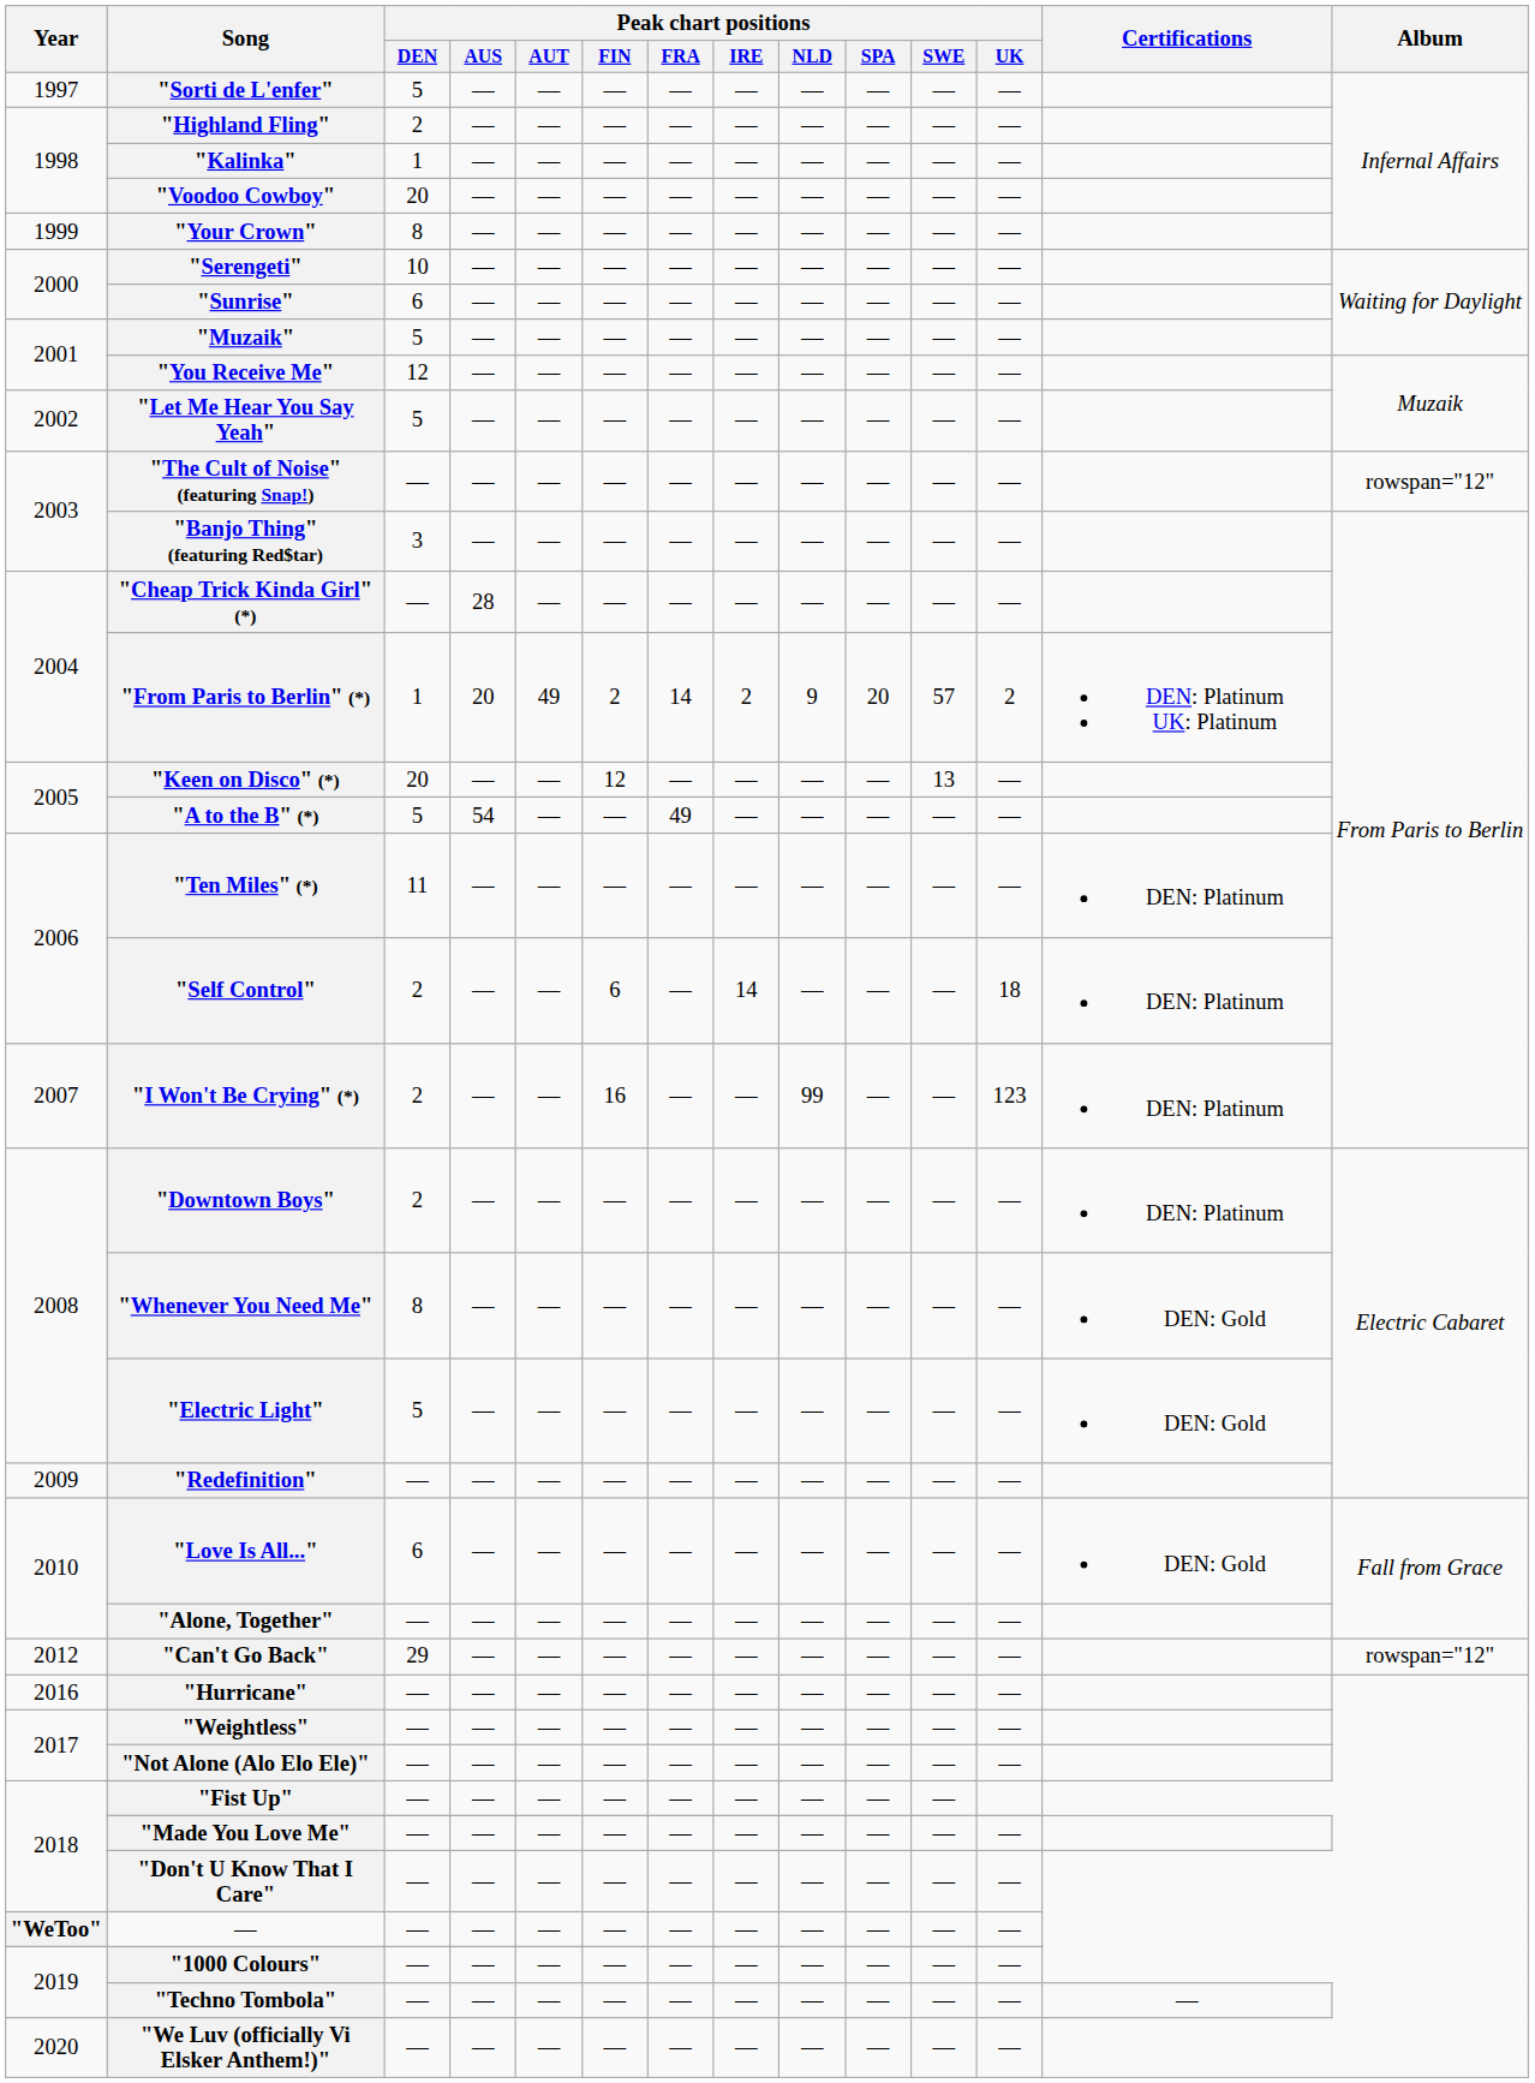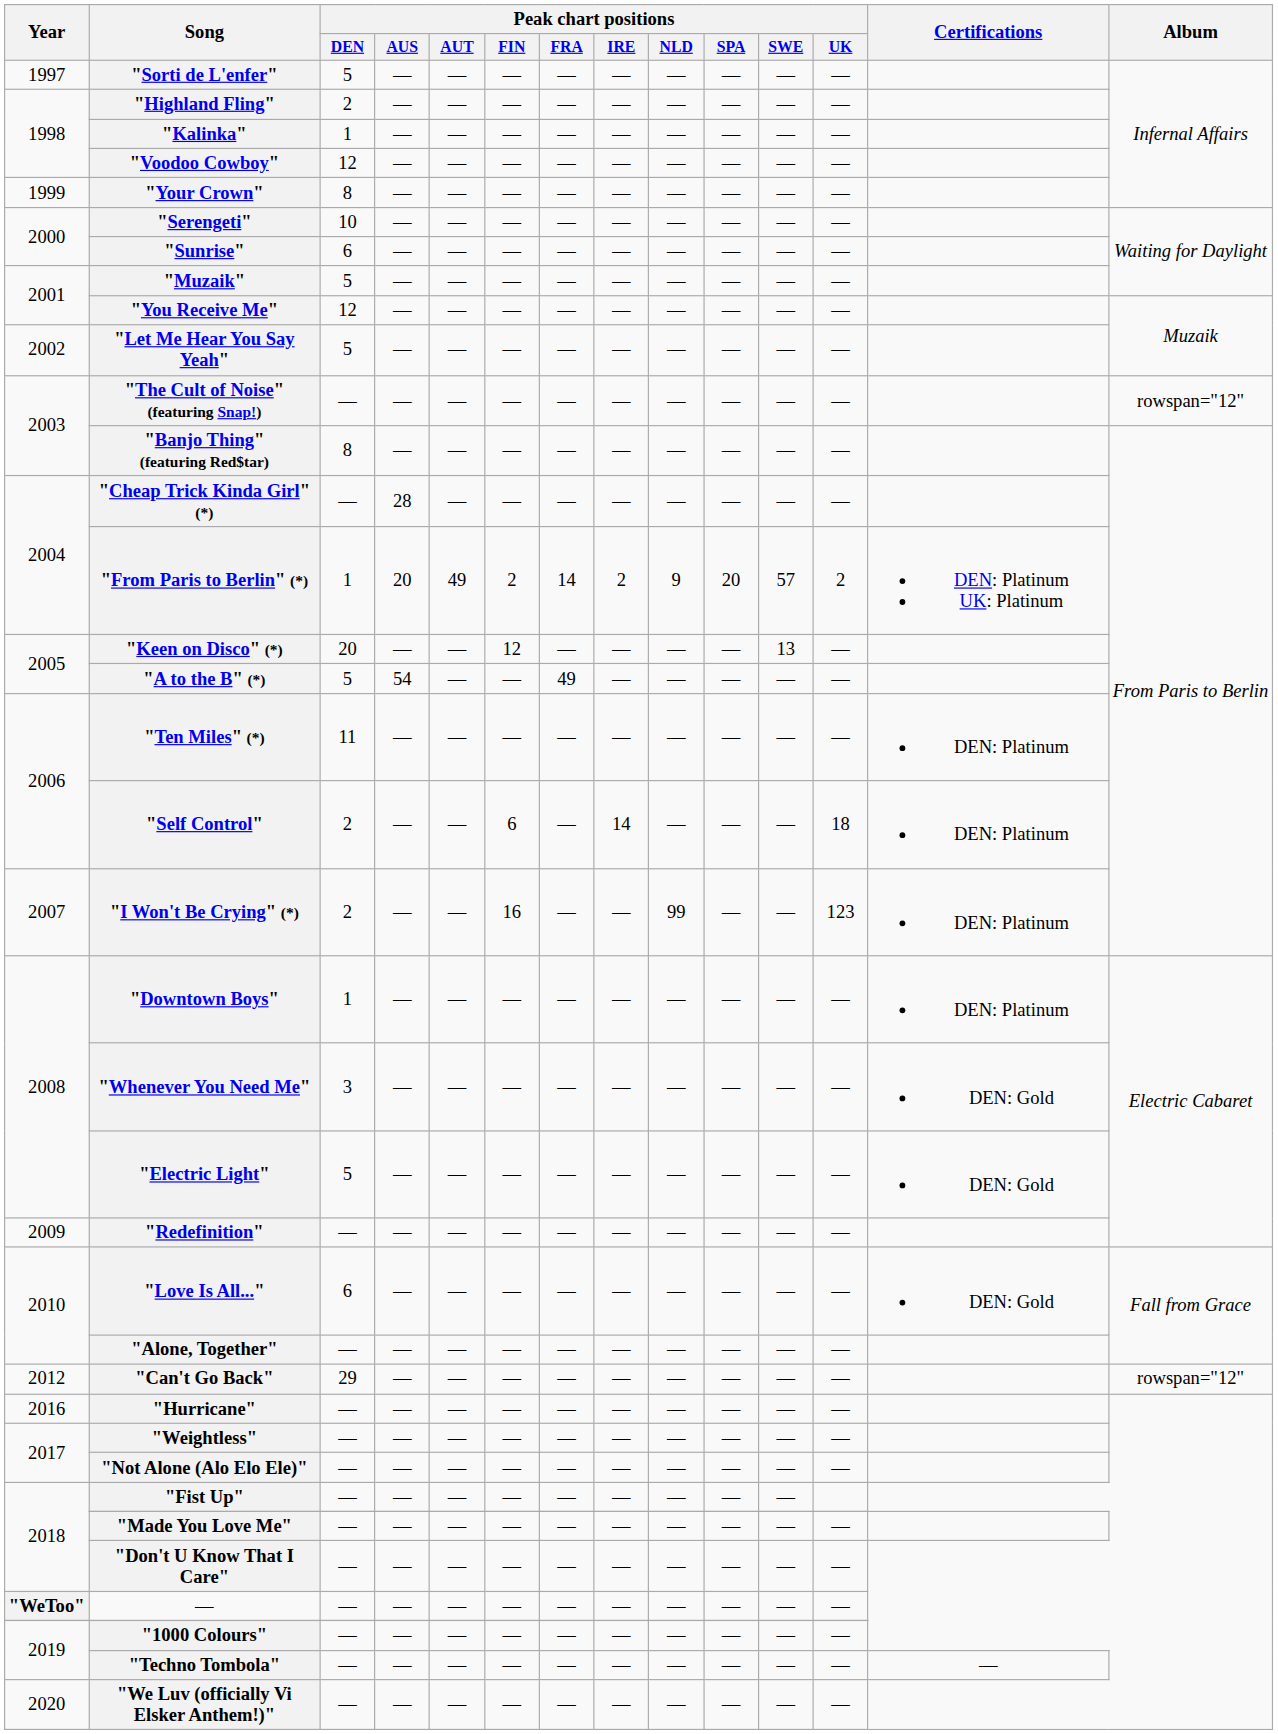 <table class="wikitable plainrowheaders" style="text-align:center;" border="1">
 <tr>
 <th scope="col" rowspan="2">Year</th>
 <th scope="col" rowspan="2" style="width:12em;">Song</th>
 <th scope="col" colspan="10">Peak chart positions</th>
 <th scope="col" rowspan="2" style="width:12.5em;"><a href='#'>Certifications</a></th>
 <th scope="col" rowspan="2">Album</th>
 </tr>
 <tr>
 <th scope="col" style="width:3em;font-size:85%;"><a href='#'>DEN</a><br></th>
 <th scope="col" style="width:3em;font-size:85%;"><a href='#'>AUS</a><br></th>
 <th scope="col" style="width:3em;font-size:85%;"><a href='#'>AUT</a><br></th>
 <th scope="col" style="width:3em;font-size:85%;"><a href='#'>FIN</a><br></th>
 <th scope="col" style="width:3em;font-size:85%;"><a href='#'>FRA</a><br></th>
 <th scope="col" style="width:3em;font-size:85%;"><a href='#'>IRE</a><br></th>
 <th scope="col" style="width:3em;font-size:85%;"><a href='#'>NLD</a><br></th>
 <th scope="col" style="width:3em;font-size:85%;"><a href='#'>SPA</a><br></th>
 <th scope="col" style="width:3em;font-size:85%;"><a href='#'>SWE</a><br></th>
 <th scope="col" style="width:3em;font-size:85%;"><a href='#'>UK</a><br></th>
 </tr>
 <tr>
 <td>1997</td>
 <th scope="row">"<a href='#'>Sorti de L'enfer</a>"</th>
 <td>5</td>
 <td>—</td>
 <td>—</td>
 <td>—</td>
 <td>—</td>
 <td>—</td>
 <td>—</td>
 <td>—</td>
 <td>—</td>
 <td>—</td>
 <td></td>
 <td rowspan="5"><em>Infernal Affairs</em></td>
 </tr>
 <tr>
 <td rowspan="3">1998</td>
 <th scope="row">"<a href='#'>Highland Fling</a>"</th>
 <td>2</td>
 <td>—</td>
 <td>—</td>
 <td>—</td>
 <td>—</td>
 <td>—</td>
 <td>—</td>
 <td>—</td>
 <td>—</td>
 <td>—</td>
 <td></td>
 </tr>
 <tr>
 <th scope="row">"<a href='#'>Kalinka</a>"</th>
 <td>1</td>
 <td>—</td>
 <td>—</td>
 <td>—</td>
 <td>—</td>
 <td>—</td>
 <td>—</td>
 <td>—</td>
 <td>—</td>
 <td>—</td>
 <td></td>
 </tr>
 <tr>
 <th scope="row">"<a href='#'>Voodoo Cowboy</a>"</th>
-<td>20</td>
+<td>12</td>
 <td>—</td>
 <td>—</td>
 <td>—</td>
 <td>—</td>
 <td>—</td>
 <td>—</td>
 <td>—</td>
 <td>—</td>
 <td>—</td>
 <td></td>
 </tr>
 <tr>
 <td>1999</td>
 <th scope="row">"<a href='#'>Your Crown</a>"</th>
 <td>8</td>
 <td>—</td>
 <td>—</td>
 <td>—</td>
 <td>—</td>
 <td>—</td>
 <td>—</td>
 <td>—</td>
 <td>—</td>
 <td>—</td>
 <td></td>
 </tr>
 <tr>
 <td rowspan="2">2000</td>
 <th scope="row">"<a href='#'>Serengeti</a>"</th>
 <td>10</td>
 <td>—</td>
 <td>—</td>
 <td>—</td>
 <td>—</td>
 <td>—</td>
 <td>—</td>
 <td>—</td>
 <td>—</td>
 <td>—</td>
 <td></td>
 <td rowspan="3"><em>Waiting for Daylight</em></td>
 </tr>
 <tr>
 <th scope="row">"<a href='#'>Sunrise</a>"</th>
 <td>6</td>
 <td>—</td>
 <td>—</td>
 <td>—</td>
 <td>—</td>
 <td>—</td>
 <td>—</td>
 <td>—</td>
 <td>—</td>
 <td>—</td>
 <td></td>
 </tr>
 <tr>
 <td rowspan="2">2001</td>
 <th scope="row">"<a href='#'>Muzaik</a>"</th>
 <td>5</td>
 <td>—</td>
 <td>—</td>
 <td>—</td>
 <td>—</td>
 <td>—</td>
 <td>—</td>
 <td>—</td>
 <td>—</td>
 <td>—</td>
 <td></td>
 </tr>
 <tr>
 <th scope="row">"<a href='#'>You Receive Me</a>"</th>
 <td>12</td>
 <td>—</td>
 <td>—</td>
 <td>—</td>
 <td>—</td>
 <td>—</td>
 <td>—</td>
 <td>—</td>
 <td>—</td>
 <td>—</td>
 <td></td>
 <td rowspan="2"><em>Muzaik</em></td>
 </tr>
 <tr>
 <td>2002</td>
 <th scope="row">"<a href='#'>Let Me Hear You Say Yeah</a>"</th>
 <td>5</td>
 <td>—</td>
 <td>—</td>
 <td>—</td>
 <td>—</td>
 <td>—</td>
 <td>—</td>
 <td>—</td>
 <td>—</td>
 <td>—</td>
 <td></td>
 </tr>
 <tr>
 <td rowspan="2">2003</td>
 <th scope="row">"<a href='#'>The Cult of Noise</a>" <small>(featuring <a href='#'>Snap!</a>)</small></th>
 <td>—</td>
 <td>—</td>
 <td>—</td>
 <td>—</td>
 <td>—</td>
 <td>—</td>
 <td>—</td>
 <td>—</td>
 <td>—</td>
 <td>—</td>
 <td></td>
 <td>rowspan="12" </td>
 </tr>
 <tr>
 <th scope="row">"<a href='#'>Banjo Thing</a>"<br><small>(featuring Red$tar)</small></th>
-<td>3</td>
+<td>8</td>
 <td>—</td>
 <td>—</td>
 <td>—</td>
 <td>—</td>
 <td>—</td>
 <td>—</td>
 <td>—</td>
 <td>—</td>
 <td>—</td>
 <td></td>
 <td rowspan="8"><em>From Paris to Berlin</em></td>
 </tr>
 <tr>
 <td rowspan="2">2004</td>
 <th scope="row">"<a href='#'>Cheap Trick Kinda Girl</a>" <small>(*)</small></th>
 <td>—</td>
 <td>28</td>
 <td>—</td>
 <td>—</td>
 <td>—</td>
 <td>—</td>
 <td>—</td>
 <td>—</td>
 <td>—</td>
 <td>—</td>
 <td></td>
 </tr>
 <tr>
 <th scope="row">"<a href='#'>From Paris to Berlin</a>" <small>(*)</small></th>
 <td>1</td>
 <td>20</td>
 <td>49</td>
 <td>2</td>
 <td>14</td>
 <td>2</td>
 <td>9</td>
 <td>20</td>
 <td>57</td>
 <td>2</td>
 <td><br><ul><li><a href='#'>DEN</a>: Platinum</li><li><a href='#'>UK</a>: Platinum</li></ul></td>
 </tr>
 <tr>
 <td rowspan="2">2005</td>
 <th scope="row">"<a href='#'>Keen on Disco</a>" <small>(*)</small></th>
 <td>20</td>
 <td>—</td>
 <td>—</td>
 <td>12</td>
 <td>—</td>
 <td>—</td>
 <td>—</td>
 <td>—</td>
 <td>13</td>
 <td>—</td>
 <td></td>
 </tr>
 <tr>
 <th scope="row">"<a href='#'>A to the B</a>" <small>(*)</small></th>
 <td>5</td>
 <td>54</td>
 <td>—</td>
 <td>—</td>
 <td>49</td>
 <td>—</td>
 <td>—</td>
 <td>—</td>
 <td>—</td>
 <td>—</td>
 <td></td>
 </tr>
 <tr>
 <td rowspan="2">2006</td>
 <th scope="row">"<a href='#'>Ten Miles</a>" <small>(*)</small></th>
 <td>11</td>
 <td>—</td>
 <td>—</td>
 <td>—</td>
 <td>—</td>
 <td>—</td>
 <td>—</td>
 <td>—</td>
 <td>—</td>
 <td>—</td>
 <td><br><ul><li>DEN: Platinum</li></ul></td>
 </tr>
 <tr>
 <th scope="row">"<a href='#'>Self Control</a>"</th>
 <td>2</td>
 <td>—</td>
 <td>—</td>
 <td>6</td>
 <td>—</td>
 <td>14</td>
 <td>—</td>
 <td>—</td>
 <td>—</td>
 <td>18</td>
 <td><br><ul><li>DEN: Platinum</li></ul></td>
 </tr>
 <tr>
 <td>2007</td>
 <th scope="row">"<a href='#'>I Won't Be Crying</a>" <small>(*)</small></th>
 <td>2</td>
 <td>—</td>
 <td>—</td>
 <td>16</td>
 <td>—</td>
 <td>—</td>
 <td>99</td>
 <td>—</td>
 <td>—</td>
 <td>123</td>
 <td><br><ul><li>DEN: Platinum</li></ul></td>
 </tr>
 <tr>
 <td rowspan="3">2008</td>
 <th scope="row">"<a href='#'>Downtown Boys</a>"</th>
-<td>2</td>
+<td>1</td>
 <td>—</td>
 <td>—</td>
 <td>—</td>
 <td>—</td>
 <td>—</td>
 <td>—</td>
 <td>—</td>
 <td>—</td>
 <td>—</td>
 <td><br><ul><li>DEN: Platinum</li></ul></td>
 <td rowspan="4"><em>Electric Cabaret</em></td>
 </tr>
 <tr>
 <th scope="row">"<a href='#'>Whenever You Need Me</a>"</th>
-<td>8</td>
+<td>3</td>
 <td>—</td>
 <td>—</td>
 <td>—</td>
 <td>—</td>
 <td>—</td>
 <td>—</td>
 <td>—</td>
 <td>—</td>
 <td>—</td>
 <td><br><ul><li>DEN: Gold</li></ul></td>
 </tr>
 <tr>
 <th scope="row">"<a href='#'>Electric Light</a>"</th>
 <td>5</td>
 <td>—</td>
 <td>—</td>
 <td>—</td>
 <td>—</td>
 <td>—</td>
 <td>—</td>
 <td>—</td>
 <td>—</td>
 <td>—</td>
 <td><br><ul><li>DEN: Gold</li></ul></td>
 </tr>
 <tr>
 <td>2009</td>
 <th scope="row">"<a href='#'>Redefinition</a>"</th>
 <td>—</td>
 <td>—</td>
 <td>—</td>
 <td>—</td>
 <td>—</td>
 <td>—</td>
 <td>—</td>
 <td>—</td>
 <td>—</td>
 <td>—</td>
 <td></td>
 </tr>
 <tr>
 <td rowspan="2">2010</td>
 <th scope="row">"<a href='#'>Love Is All...</a>"</th>
 <td>6</td>
 <td>—</td>
 <td>—</td>
 <td>—</td>
 <td>—</td>
 <td>—</td>
 <td>—</td>
 <td>—</td>
 <td>—</td>
 <td>—</td>
 <td><br><ul><li>DEN: Gold</li></ul></td>
 <td rowspan="2"><em>Fall from Grace</em></td>
 </tr>
 <tr>
 <th scope="row">"Alone, Together"</th>
 <td>—</td>
 <td>—</td>
 <td>—</td>
 <td>—</td>
 <td>—</td>
 <td>—</td>
 <td>—</td>
 <td>—</td>
 <td>—</td>
 <td>—</td>
 <td></td>
 </tr>
 <tr>
 <td>2012</td>
 <th scope="row">"Can't Go Back"</th>
 <td>29</td>
 <td>—</td>
 <td>—</td>
 <td>—</td>
 <td>—</td>
 <td>—</td>
 <td>—</td>
 <td>—</td>
 <td>—</td>
 <td>—</td>
 <td></td>
 <td>rowspan="12" </td>
 </tr>
 <tr>
 <td>2016</td>
 <th scope="row">"Hurricane"</th>
 <td>—</td>
 <td>—</td>
 <td>—</td>
 <td>—</td>
 <td>—</td>
 <td>—</td>
 <td>—</td>
 <td>—</td>
 <td>—</td>
 <td>—</td>
 <td></td>
 </tr>
 <tr>
 <td rowspan="2">2017</td>
 <th scope="row">"Weightless"</th>
 <td>—</td>
 <td>—</td>
 <td>—</td>
 <td>—</td>
 <td>—</td>
 <td>—</td>
 <td>—</td>
 <td>—</td>
 <td>—</td>
 <td>—</td>
 <td></td>
 </tr>
 <tr>
 <th scope="row">"Not Alone (Alo Elo Ele)"</th>
 <td>—</td>
 <td>—</td>
 <td>—</td>
 <td>—</td>
 <td>—</td>
 <td>—</td>
 <td>—</td>
 <td>—</td>
 <td>—</td>
 <td>—</td>
 <td></td>
 </tr>
 <tr>
 <td rowspan="4">2018</td>
 <th scope="row">"Fist Up"</th>
 <td>—</td>
 <td>—</td>
 <td>—</td>
 <td>—</td>
 <td>—</td>
 <td>—</td>
 <td>—</td>
 <td>—</td>
 <td>—</td>
 <td></td>
 </tr>
 <tr>
 </tr>
 <tr>
 <th scope="row">"Made You Love Me"</th>
 <td>—</td>
 <td>—</td>
 <td>—</td>
 <td>—</td>
 <td>—</td>
 <td>—</td>
 <td>—</td>
 <td>—</td>
 <td>—</td>
 <td>—</td>
 <td></td>
 </tr>
 <tr>
 <th scope="row">"Don't U Know That I Care"</th>
 <td>—</td>
 <td>—</td>
 <td>—</td>
 <td>—</td>
 <td>—</td>
 <td>—</td>
 <td>—</td>
 <td>—</td>
 <td>—</td>
 <td>—</td>
 </tr>
 <tr>
 <th scope="row">"WeToo"</th>
 <td>—</td>
 <td>—</td>
 <td>—</td>
 <td>—</td>
 <td>—</td>
 <td>—</td>
 <td>—</td>
 <td>—</td>
 <td>—</td>
 <td>—</td>
 <td>—</td>
 </tr>
 <tr>
 </tr>
 <tr>
 <td rowspan="2">2019</td>
 <th scope="row">"1000 Colours"</th>
 <td>—</td>
 <td>—</td>
 <td>—</td>
 <td>—</td>
 <td>—</td>
 <td>—</td>
 <td>—</td>
 <td>—</td>
 <td>—</td>
 <td>—</td>
 </tr>
 <tr>
 <th scope="row">"Techno Tombola"</th>
 <td>—</td>
 <td>—</td>
 <td>—</td>
 <td>—</td>
 <td>—</td>
 <td>—</td>
 <td>—</td>
 <td>—</td>
 <td>—</td>
 <td>—</td>
 <td>—</td>
 </tr>
 <tr>
 <td rowspan="1">2020</td>
 <th scope="row">"We Luv (officially Vi Elsker Anthem!)"</th>
 <td>—</td>
 <td>—</td>
 <td>—</td>
 <td>—</td>
 <td>—</td>
 <td>—</td>
 <td>—</td>
 <td>—</td>
 <td>—</td>
 <td>—</td>
 </tr>
 <tr>
 </tr>
 </table>
